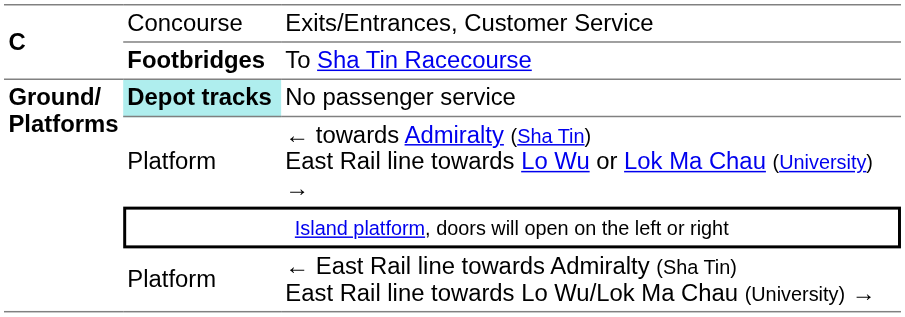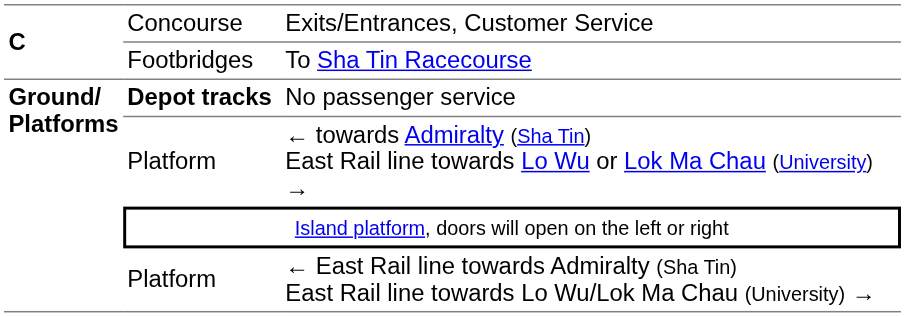 <table border=0 cellspacing=0 cellpadding=3>
 <tr>
 <td style="border-top:solid 1px gray;border-bottom:solid 1px gray;width:50px;" rowspan=2><strong>C</strong></td>
 <td style="border-top:solid 1px gray;border-bottom:solid 1px gray;width:100px;">Concourse</td>
 <td style="border-top:solid 1px gray;border-bottom:solid 1px gray;width:410px;">Exits/Entrances, Customer Service</td>
 </tr>
 <tr>
-<td style="border-bottom:solid 1px gray;"><strong>Footbridges</strong></td>
+<td style="border-bottom:solid 1px gray;">Footbridges</td>
 <td style="border-bottom:solid 1px gray;">To <a href='#'>Sha Tin Racecourse</a></td>
 </tr>
 <tr>
 <td style="border-bottom:solid 1px gray;vertical-align:top;" rowspan=4><strong>Ground/<br>Platforms</strong></td>
-<td style="background: paleturquoise; border-bottom:solid 1px gray;"><strong>Depot tracks</strong></td>
+<td style="border-bottom:solid 1px gray;"><strong>Depot tracks</strong></td>
 <td style="border-bottom:solid 1px gray;"> No passenger service</td>
 </tr>
 <tr>
 <td>Platform </td>
 <td>←  towards <a href='#'>Admiralty</a> <small>(<a href='#'>Sha Tin</a>)</small><br>  East Rail line towards <a href='#'>Lo Wu</a> or <a href='#'>Lok Ma Chau</a> <small>(<a href='#'>University</a>)</small> →</td>
 </tr>
 <tr>
 <td style="border-top:solid 2px black;border-right:solid 2px black;border-left:solid 2px black;border-bottom:solid 2px black;text-align:center;" colspan=2><small><a href='#'>Island platform</a>, doors will open on the left or right</small></td>
 </tr>
 <tr>
 <td style="border-bottom:solid 1px gray;">Platform </td>
 <td style="border-bottom:solid 1px gray;">←  East Rail line towards Admiralty <small>(Sha Tin)</small><br>  East Rail line towards Lo Wu/Lok Ma Chau <small>(University)</small> →</td>
 </tr>
 </table>
